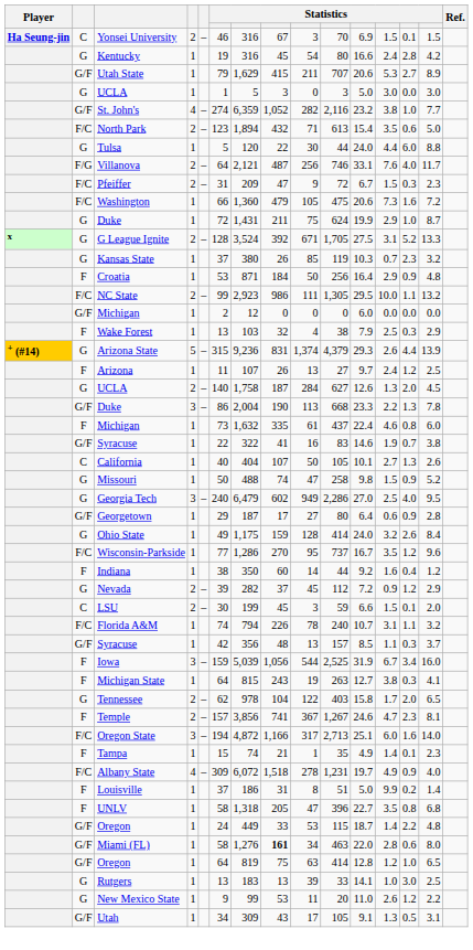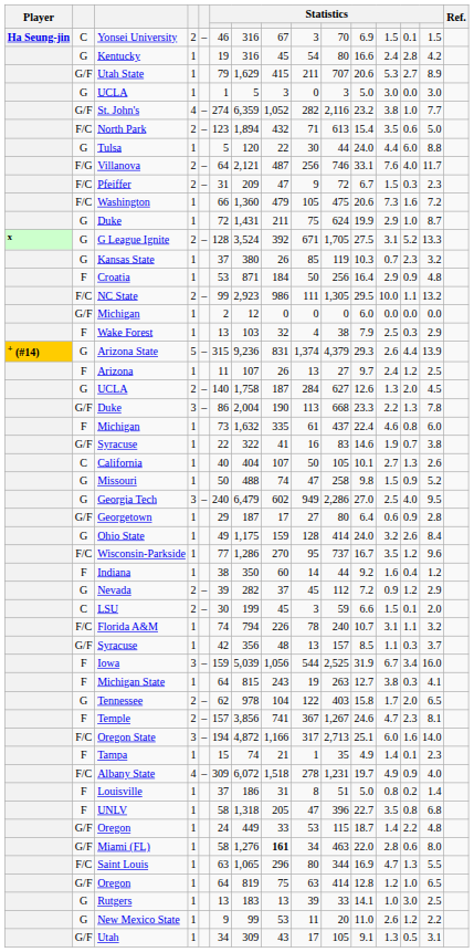 <table class="wikitable sortable" style="font-size:95%; text-align:right;">
 <tr>
 <th scope=col rowspan="2">Player</th>
 <th scope=col rowspan="2"></th>
 <th scope=col rowspan="2"></th>
 <th scope=col rowspan="2"></th>
 <th scope=col rowspan="2"></th>
 <th scope=colgroup colspan="9">Statistics</th>
 <th scope=col rowspan="2">Ref.</th>
 </tr>
 <tr>
 <th scope=col></th>
 <th scope=col></th>
 <th scope=col></th>
 <th scope=col></th>
 <th scope=col></th>
 <th scope=col></th>
 <th scope=col></th>
 <th scope=col></th>
 <th scope=col></th>
 </tr>
 <tr>
 <th scope=row style="text-align:left;"><a href='#'>Ha Seung-jin</a></th>
 <td align="center">C</td>
 <td align="left"> <a href='#'>Yonsei University</a></td>
 <td align="center">2</td>
 <td align="center">–</td>
 <td>46</td>
 <td>316</td>
 <td>67</td>
 <td>3</td>
 <td>70</td>
 <td>6.9</td>
 <td>1.5</td>
 <td>0.1</td>
 <td>1.5</td>
 <td align=center></td>
 </tr>
 <tr>
 <th scope=row style="text-align:left;"></th>
 <td align="center">G</td>
 <td align="left"><a href='#'>Kentucky</a></td>
 <td align="center">1</td>
 <td align="center"></td>
 <td>19</td>
 <td>316</td>
 <td>45</td>
 <td>54</td>
 <td>80</td>
 <td>16.6</td>
 <td>2.4</td>
 <td>2.8</td>
 <td>4.2</td>
 <td align=center></td>
 </tr>
 <tr>
 <th scope=row style="text-align:left;"></th>
 <td align="center">G/F</td>
 <td align="left"><a href='#'>Utah State</a></td>
 <td align="center">1</td>
 <td align="center"></td>
 <td>79</td>
 <td>1,629</td>
 <td>415</td>
 <td>211</td>
 <td>707</td>
 <td>20.6</td>
 <td>5.3</td>
 <td>2.7</td>
 <td>8.9</td>
 <td align=center></td>
 </tr>
 <tr>
 <th scope=row style="text-align:left;"></th>
 <td align="center">G</td>
 <td align="left"><a href='#'>UCLA</a></td>
 <td align="center">1</td>
 <td align="center"></td>
 <td>1</td>
 <td>5</td>
 <td>3</td>
 <td>0</td>
 <td>3</td>
 <td>5.0</td>
 <td>3.0</td>
 <td>0.0</td>
 <td>3.0</td>
 <td align=center></td>
 </tr>
 <tr>
 <th scope=row style="text-align:left;"></th>
 <td align="center">G/F</td>
 <td align="left"><a href='#'>St. John's</a></td>
 <td align="center">4</td>
 <td align="center">–</td>
 <td>274</td>
 <td>6,359</td>
 <td>1,052</td>
 <td>282</td>
 <td>2,116</td>
 <td>23.2</td>
 <td>3.8</td>
 <td>1.0</td>
 <td>7.7</td>
 <td align=center></td>
 </tr>
 <tr>
 <th scope=row style="text-align:left;"></th>
 <td align="center">F/C</td>
 <td align="left"><a href='#'>North Park</a></td>
 <td align="center">2</td>
 <td align="center">–</td>
 <td>123</td>
 <td>1,894</td>
 <td>432</td>
 <td>71</td>
 <td>613</td>
 <td>15.4</td>
 <td>3.5</td>
 <td>0.6</td>
 <td>5.0</td>
 <td align=center></td>
 </tr>
 <tr>
 <th scope=row style="text-align:left;"></th>
 <td align="center">G</td>
 <td align="left"><a href='#'>Tulsa</a></td>
 <td align="center">1</td>
 <td align="center"></td>
 <td>5</td>
 <td>120</td>
 <td>22</td>
 <td>30</td>
 <td>44</td>
 <td>24.0</td>
 <td>4.4</td>
 <td>6.0</td>
 <td>8.8</td>
 <td align=center></td>
 </tr>
 <tr>
 <th scope=row style="text-align:left;"></th>
 <td align="center">F/G</td>
 <td align="left"><a href='#'>Villanova</a></td>
 <td align="center">2</td>
 <td align="center">–</td>
 <td>64</td>
 <td>2,121</td>
 <td>487</td>
 <td>256</td>
 <td>746</td>
 <td>33.1</td>
 <td>7.6</td>
 <td>4.0</td>
 <td>11.7</td>
 <td align=center></td>
 </tr>
 <tr>
 <th scope=row style="text-align:left;"></th>
 <td align="center">F/C</td>
 <td align="left"><a href='#'>Pfeiffer</a></td>
 <td align="center">2</td>
 <td align="center">–</td>
 <td>31</td>
 <td>209</td>
 <td>47</td>
 <td>9</td>
 <td>72</td>
 <td>6.7</td>
 <td>1.5</td>
 <td>0.3</td>
 <td>2.3</td>
 <td align=center></td>
 </tr>
 <tr>
 <th scope=row style="text-align:left;"></th>
 <td align="center">F/C</td>
 <td align="left"><a href='#'>Washington</a></td>
 <td align="center">1</td>
 <td align="center"></td>
 <td>66</td>
 <td>1,360</td>
 <td>479</td>
 <td>105</td>
 <td>475</td>
 <td>20.6</td>
 <td>7.3</td>
 <td>1.6</td>
 <td>7.2</td>
 <td align=center></td>
 </tr>
 <tr>
 <th scope=row style="text-align:left;"></th>
 <td align="center">G</td>
 <td align="left"><a href='#'>Duke</a></td>
 <td align="center">1</td>
 <td align="center"></td>
 <td>72</td>
 <td>1,431</td>
 <td>211</td>
 <td>75</td>
 <td>624</td>
 <td>19.9</td>
 <td>2.9</td>
 <td>1.0</td>
 <td>8.7</td>
 <td align=center></td>
 </tr>
 <tr>
 <th scope=row style="text-align:left; background-color:#CCFFCC;"><sup>x</sup></th>
 <td align="center">G</td>
 <td align="left"><a href='#'>G League Ignite</a></td>
 <td align="center">2</td>
 <td align="center">–</td>
 <td>128</td>
 <td>3,524</td>
 <td>392</td>
 <td>671</td>
 <td>1,705</td>
 <td>27.5</td>
 <td>3.1</td>
 <td>5.2</td>
 <td>13.3</td>
 <td align=center></td>
 </tr>
 <tr>
 <th scope=row style="text-align:left;"></th>
 <td align="center">G</td>
 <td align="left"><a href='#'>Kansas State</a></td>
 <td align="center">1</td>
 <td align="center"></td>
 <td>37</td>
 <td>380</td>
 <td>26</td>
 <td>85</td>
 <td>119</td>
 <td>10.3</td>
 <td>0.7</td>
 <td>2.3</td>
 <td>3.2</td>
 <td align=center></td>
 </tr>
 <tr>
 <th scope=row style="text-align:left;"></th>
 <td align="center">F</td>
 <td align="left"><a href='#'>Croatia</a></td>
 <td align="center">1</td>
 <td align="center"></td>
 <td>53</td>
 <td>871</td>
 <td>184</td>
 <td>50</td>
 <td>256</td>
 <td>16.4</td>
 <td>2.9</td>
 <td>0.9</td>
 <td>4.8</td>
 <td align=center></td>
 </tr>
 <tr>
 <th scope=row style="text-align:left;"></th>
 <td align="center">F/C</td>
 <td align="left"><a href='#'>NC State</a></td>
 <td align="center">2</td>
 <td align="center">–</td>
 <td>99</td>
 <td>2,923</td>
 <td>986</td>
 <td>111</td>
 <td>1,305</td>
 <td>29.5</td>
 <td>10.0</td>
 <td>1.1</td>
 <td>13.2</td>
 <td align=center></td>
 </tr>
 <tr>
 <th scope=row style="text-align:left;"></th>
 <td align="center">G/F</td>
 <td align="left"><a href='#'>Michigan</a></td>
 <td align="center">1</td>
 <td align="center"></td>
 <td>2</td>
 <td>12</td>
 <td>0</td>
 <td>0</td>
 <td>0</td>
 <td>6.0</td>
 <td>0.0</td>
 <td>0.0</td>
 <td>0.0</td>
 <td align=center></td>
 </tr>
 <tr>
 <th scope=row style="text-align:left;"></th>
 <td align="center">F</td>
 <td align="left"><a href='#'>Wake Forest</a></td>
 <td align="center">1</td>
 <td align="center"></td>
 <td>13</td>
 <td>103</td>
 <td>32</td>
 <td>4</td>
 <td>38</td>
 <td>7.9</td>
 <td>2.5</td>
 <td>0.3</td>
 <td>2.9</td>
 <td align=center></td>
 </tr>
 <tr>
 <th scope=row style="text-align:left; background-color:#FFCC00;"><sup>+</sup> (#14)</th>
 <td align="center">G</td>
 <td align="left"><a href='#'>Arizona State</a></td>
 <td align="center">5</td>
 <td align="center">–</td>
 <td>315</td>
 <td>9,236</td>
 <td>831</td>
 <td>1,374</td>
 <td>4,379</td>
 <td>29.3</td>
 <td>2.6</td>
 <td>4.4</td>
 <td>13.9</td>
 <td align=center></td>
 </tr>
 <tr>
 <th scope=row style="text-align:left;"></th>
 <td align="center">F</td>
 <td align="left"><a href='#'>Arizona</a></td>
 <td align="center">1</td>
 <td align="center"></td>
 <td>11</td>
 <td>107</td>
 <td>26</td>
 <td>13</td>
 <td>27</td>
 <td>9.7</td>
 <td>2.4</td>
 <td>1.2</td>
 <td>2.5</td>
 <td align=center></td>
 </tr>
 <tr>
 <th scope=row style="text-align:left;"></th>
 <td align="center">G</td>
 <td align="left"><a href='#'>UCLA</a></td>
 <td align="center">2</td>
 <td align="center">–</td>
 <td>140</td>
 <td>1,758</td>
 <td>187</td>
 <td>284</td>
 <td>627</td>
 <td>12.6</td>
 <td>1.3</td>
 <td>2.0</td>
 <td>4.5</td>
 <td align=center></td>
 </tr>
 <tr>
 <th scope=row style="text-align:left;"></th>
 <td align="center">G/F</td>
 <td align="left"><a href='#'>Duke</a></td>
 <td align="center">3</td>
 <td align="center">–</td>
 <td>86</td>
 <td>2,004</td>
 <td>190</td>
 <td>113</td>
 <td>668</td>
 <td>23.3</td>
 <td>2.2</td>
 <td>1.3</td>
 <td>7.8</td>
 <td align=center></td>
 </tr>
 <tr>
 <th scope=row style="text-align:left;"></th>
 <td align="center">F</td>
 <td align="left"><a href='#'>Michigan</a></td>
 <td align="center">1</td>
 <td align="center"></td>
 <td>73</td>
 <td>1,632</td>
 <td>335</td>
 <td>61</td>
 <td>437</td>
 <td>22.4</td>
 <td>4.6</td>
 <td>0.8</td>
 <td>6.0</td>
 <td align=center></td>
 </tr>
 <tr>
 <th scope=row style="text-align:left;"></th>
 <td align="center">G/F</td>
 <td align="left"><a href='#'>Syracuse</a></td>
 <td align="center">1</td>
 <td align="center"></td>
 <td>22</td>
 <td>322</td>
 <td>41</td>
 <td>16</td>
 <td>83</td>
 <td>14.6</td>
 <td>1.9</td>
 <td>0.7</td>
 <td>3.8</td>
 <td align=center></td>
 </tr>
 <tr>
 <th scope=row style="text-align:left;"></th>
 <td align="center">C</td>
 <td align="left"><a href='#'>California</a></td>
 <td align="center">1</td>
 <td align="center"></td>
 <td>40</td>
 <td>404</td>
 <td>107</td>
 <td>50</td>
 <td>105</td>
 <td>10.1</td>
 <td>2.7</td>
 <td>1.3</td>
 <td>2.6</td>
 <td align=center></td>
 </tr>
 <tr>
 <th scope=row style="text-align:left;"></th>
 <td align="center">G</td>
 <td align="left"><a href='#'>Missouri</a></td>
 <td align="center">1</td>
 <td align="center"></td>
 <td>50</td>
 <td>488</td>
 <td>74</td>
 <td>47</td>
 <td>258</td>
 <td>9.8</td>
 <td>1.5</td>
 <td>0.9</td>
 <td>5.2</td>
 <td align=center></td>
 </tr>
 <tr>
 <th scope=row style="text-align:left;"></th>
 <td align="center">G</td>
 <td align="left"><a href='#'>Georgia Tech</a></td>
 <td align="center">3</td>
 <td align="center">–</td>
 <td>240</td>
 <td>6,479</td>
 <td>602</td>
 <td>949</td>
 <td>2,286</td>
 <td>27.0</td>
 <td>2.5</td>
 <td>4.0</td>
 <td>9.5</td>
 <td align=center></td>
 </tr>
 <tr>
 <th scope=row style="text-align:left;"></th>
 <td align="center">G/F</td>
 <td align="left"><a href='#'>Georgetown</a></td>
 <td align="center">1</td>
 <td align="center"></td>
 <td>29</td>
 <td>187</td>
 <td>17</td>
 <td>27</td>
 <td>80</td>
 <td>6.4</td>
 <td>0.6</td>
 <td>0.9</td>
 <td>2.8</td>
 <td align=center></td>
 </tr>
 <tr>
 <th scope=row style="text-align:left;"></th>
 <td align="center">G</td>
 <td align="left"><a href='#'>Ohio State</a></td>
 <td align="center">1</td>
 <td align="center"></td>
 <td>49</td>
 <td>1,175</td>
 <td>159</td>
 <td>128</td>
 <td>414</td>
 <td>24.0</td>
 <td>3.2</td>
 <td>2.6</td>
 <td>8.4</td>
 <td align=center></td>
 </tr>
 <tr>
 <th scope=row style="text-align:left;"></th>
 <td align="center">F/C</td>
 <td align="left"><a href='#'>Wisconsin-Parkside</a></td>
 <td align="center">1</td>
 <td align="center"></td>
 <td>77</td>
 <td>1,286</td>
 <td>270</td>
 <td>95</td>
 <td>737</td>
 <td>16.7</td>
 <td>3.5</td>
 <td>1.2</td>
 <td>9.6</td>
 <td align=center></td>
 </tr>
 <tr>
 <th scope=row style="text-align:left;"></th>
 <td align="center">F</td>
 <td align="left"><a href='#'>Indiana</a></td>
 <td align="center">1</td>
 <td align="center"></td>
 <td>38</td>
 <td>350</td>
 <td>60</td>
 <td>14</td>
 <td>44</td>
 <td>9.2</td>
 <td>1.6</td>
 <td>0.4</td>
 <td>1.2</td>
 <td align=center></td>
 </tr>
 <tr>
 <th scope=row style="text-align:left;"></th>
 <td align="center">G</td>
 <td align="left"><a href='#'>Nevada</a></td>
 <td align="center">2</td>
 <td align="center">–</td>
 <td>39</td>
 <td>282</td>
 <td>37</td>
 <td>45</td>
 <td>112</td>
 <td>7.2</td>
 <td>0.9</td>
 <td>1.2</td>
 <td>2.9</td>
 <td align=center></td>
 </tr>
 <tr>
 <th scope=row style="text-align:left;"></th>
 <td align="center">C</td>
 <td align="left"><a href='#'>LSU</a></td>
 <td align="center">2</td>
 <td align="center">–</td>
 <td>30</td>
 <td>199</td>
 <td>45</td>
 <td>3</td>
 <td>59</td>
 <td>6.6</td>
 <td>1.5</td>
 <td>0.1</td>
 <td>2.0</td>
 <td align=center></td>
 </tr>
 <tr>
 <th scope=row style="text-align:left;"></th>
 <td align="center">F/C</td>
 <td align="left"><a href='#'>Florida A&M</a></td>
 <td align="center">1</td>
 <td align="center"></td>
 <td>74</td>
 <td>794</td>
 <td>226</td>
 <td>78</td>
 <td>240</td>
 <td>10.7</td>
 <td>3.1</td>
 <td>1.1</td>
 <td>3.2</td>
 <td align=center></td>
 </tr>
 <tr>
 <th scope=row style="text-align:left;"></th>
 <td align="center">G/F</td>
 <td align="left"><a href='#'>Syracuse</a></td>
 <td align="center">1</td>
 <td align="center"></td>
 <td>42</td>
 <td>356</td>
 <td>48</td>
 <td>13</td>
 <td>157</td>
 <td>8.5</td>
 <td>1.1</td>
 <td>0.3</td>
 <td>3.7</td>
 <td align=center></td>
 </tr>
 <tr>
 <th scope=row style="text-align:left;"></th>
 <td align="center">F</td>
 <td align="left"><a href='#'>Iowa</a></td>
 <td align="center">3</td>
 <td align="center">–</td>
 <td>159</td>
 <td>5,039</td>
 <td>1,056</td>
 <td>544</td>
 <td>2,525</td>
 <td>31.9</td>
 <td>6.7</td>
 <td>3.4</td>
 <td>16.0</td>
 <td align=center></td>
 </tr>
 <tr>
 <th scope=row style="text-align:left;"></th>
 <td align="center">F</td>
 <td align="left"><a href='#'>Michigan State</a></td>
 <td align="center">1</td>
 <td align="center"></td>
 <td>64</td>
 <td>815</td>
 <td>243</td>
 <td>19</td>
 <td>263</td>
 <td>12.7</td>
 <td>3.8</td>
 <td>0.3</td>
 <td>4.1</td>
 <td align=center></td>
 </tr>
 <tr>
 <th scope=row style="text-align:left;"></th>
 <td align="center">G</td>
 <td align="left"><a href='#'>Tennessee</a></td>
 <td align="center">2</td>
 <td align="center">–</td>
 <td>62</td>
 <td>978</td>
 <td>104</td>
 <td>122</td>
 <td>403</td>
 <td>15.8</td>
 <td>1.7</td>
 <td>2.0</td>
 <td>6.5</td>
 <td align=center></td>
 </tr>
 <tr>
 <th scope=row style="text-align:left;"></th>
 <td align="center">F</td>
 <td align="left"><a href='#'>Temple</a></td>
 <td align="center">2</td>
 <td align="center">–</td>
 <td>157</td>
 <td>3,856</td>
 <td>741</td>
 <td>367</td>
 <td>1,267</td>
 <td>24.6</td>
 <td>4.7</td>
 <td>2.3</td>
 <td>8.1</td>
 <td align=center></td>
 </tr>
 <tr>
 <th scope=row style="text-align:left;"></th>
 <td align="center">F/C</td>
 <td align="left"><a href='#'>Oregon State</a></td>
 <td align="center">3</td>
 <td align="center">–</td>
 <td>194</td>
 <td>4,872</td>
 <td>1,166</td>
 <td>317</td>
 <td>2,713</td>
 <td>25.1</td>
 <td>6.0</td>
 <td>1.6</td>
 <td>14.0</td>
 <td align=center></td>
 </tr>
 <tr>
 <th scope=row style="text-align:left;"></th>
 <td align="center">F</td>
 <td align="left"><a href='#'>Tampa</a></td>
 <td align="center">1</td>
 <td align="center"></td>
 <td>15</td>
 <td>74</td>
 <td>21</td>
 <td>1</td>
 <td>35</td>
 <td>4.9</td>
 <td>1.4</td>
 <td>0.1</td>
 <td>2.3</td>
 <td align=center></td>
 </tr>
 <tr>
 <th scope=row style="text-align:left;"></th>
 <td align="center">F/C</td>
 <td align="left"><a href='#'>Albany State</a></td>
 <td align="center">4</td>
 <td align="center">–</td>
 <td>309</td>
 <td>6,072</td>
 <td>1,518</td>
 <td>278</td>
 <td>1,231</td>
 <td>19.7</td>
 <td>4.9</td>
 <td>0.9</td>
 <td>4.0</td>
 <td align=center></td>
 </tr>
 <tr>
 <th scope=row style="text-align:left;"></th>
 <td align="center">F</td>
 <td align="left"><a href='#'>Louisville</a></td>
 <td align="center">1</td>
 <td align="center"></td>
 <td>37</td>
 <td>186</td>
 <td>31</td>
 <td>8</td>
 <td>51</td>
 <td>5.0</td>
-<td>9.9</td>
+<td>0.8</td>
 <td>0.2</td>
 <td>1.4</td>
 <td align=center></td>
 </tr>
 <tr>
 <th scope=row style="text-align:left;"></th>
 <td align="center">F</td>
 <td align="left"><a href='#'>UNLV</a></td>
 <td align="center">1</td>
 <td align="center"></td>
 <td>58</td>
 <td>1,318</td>
 <td>205</td>
 <td>47</td>
 <td>396</td>
 <td>22.7</td>
 <td>3.5</td>
 <td>0.8</td>
 <td>6.8</td>
 <td align=center></td>
 </tr>
 <tr>
 <th scope=row style="text-align:left;"></th>
 <td align="center">G/F</td>
 <td align="left"><a href='#'>Oregon</a></td>
 <td align="center">1</td>
 <td align="center"></td>
 <td>24</td>
 <td>449</td>
 <td>33</td>
 <td>53</td>
 <td>115</td>
 <td>18.7</td>
 <td>1.4</td>
 <td>2.2</td>
 <td>4.8</td>
 <td align=center></td>
 </tr>
 <tr>
 <th scope=row style="text-align:left;"></th>
 <td align="center">G/F</td>
 <td align="left"><a href='#'>Miami (FL)</a></td>
 <td align="center">1</td>
 <td align="center"></td>
 <td>58</td>
 <td>1,276</td>
 <td><strong>161</strong></td>
 <td>34</td>
 <td>463</td>
 <td>22.0</td>
 <td>2.8</td>
 <td>0.6</td>
 <td>8.0</td>
+<td align=center></td>
+</tr>
+<tr>
+<th scope=row style="text-align:left;"></th>
+<td align="center">F/C</td>
+<td align="left"><a href='#'>Saint Louis</a></td>
+<td align="center">1</td>
+<td align="center"></td>
+<td>63</td>
+<td>1,065</td>
+<td>296</td>
+<td>80</td>
+<td>344</td>
+<td>16.9</td>
+<td>4.7</td>
+<td>1.3</td>
+<td>5.5</td>
 <td align=center></td>
 </tr>
 <tr>
 <th scope=row style="text-align:left;"></th>
 <td align="center">G/F</td>
 <td align="left"><a href='#'>Oregon</a></td>
 <td align="center">1</td>
 <td align="center"></td>
 <td>64</td>
 <td>819</td>
 <td>75</td>
 <td>63</td>
 <td>414</td>
 <td>12.8</td>
 <td>1.2</td>
 <td>1.0</td>
 <td>6.5</td>
 <td align=center></td>
 </tr>
 <tr>
 <th scope=row style="text-align:left;"></th>
 <td align="center">G</td>
 <td align="left"><a href='#'>Rutgers</a></td>
 <td align="center">1</td>
 <td align="center"></td>
 <td>13</td>
 <td>183</td>
 <td>13</td>
 <td>39</td>
 <td>33</td>
 <td>14.1</td>
 <td>1.0</td>
 <td>3.0</td>
 <td>2.5</td>
 <td align=center></td>
 </tr>
 <tr>
 <th scope=row style="text-align:left;"></th>
 <td align="center">G</td>
 <td align="left"><a href='#'>New Mexico State</a></td>
 <td align="center">1</td>
 <td align="center"></td>
 <td>9</td>
 <td>99</td>
 <td>53</td>
 <td>11</td>
 <td>20</td>
 <td>11.0</td>
 <td>2.6</td>
 <td>1.2</td>
 <td>2.2</td>
 <td align=center></td>
 </tr>
 <tr>
 <th scope=row style="text-align:left;"></th>
 <td align="center">G/F</td>
 <td align="left"><a href='#'>Utah</a></td>
 <td align="center">1</td>
 <td align="center"></td>
 <td>34</td>
 <td>309</td>
 <td>43</td>
 <td>17</td>
 <td>105</td>
 <td>9.1</td>
 <td>1.3</td>
 <td>0.5</td>
 <td>3.1</td>
 <td align=center></td>
 </tr>
 </table>
